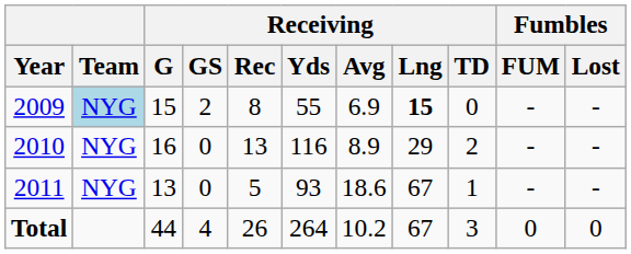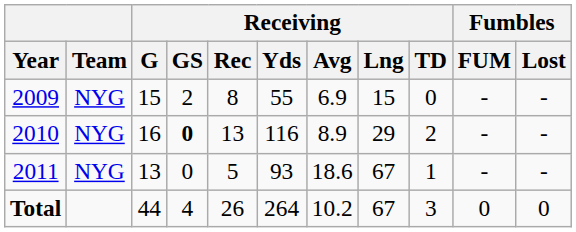 <table class="wikitable">
 <tr>
 <th colspan="2"></th>
 <th colspan="7">Receiving</th>
 <th colspan="2">Fumbles</th>
 </tr>
 <tr>
 <th>Year</th>
 <th>Team</th>
 <th>G</th>
 <th>GS</th>
 <th>Rec</th>
 <th>Yds</th>
 <th>Avg</th>
 <th>Lng</th>
 <th>TD</th>
 <th>FUM</th>
 <th>Lost</th>
 </tr>
 <tr style="text-align:center;">
 <td><a href='#'>2009</a></td>
-<td style="background: lightblue;"><a href='#'>NYG</a></td>
+<td><a href='#'>NYG</a></td>
 <td>15</td>
 <td>2</td>
 <td>8</td>
 <td>55</td>
 <td>6.9</td>
-<td><strong>15</strong></td>
+<td>15</td>
 <td>0</td>
 <td>-</td>
 <td>-</td>
 </tr>
 <tr style="text-align:center;">
 <td><a href='#'>2010</a></td>
 <td><a href='#'>NYG</a></td>
 <td>16</td>
-<td>0</td>
+<td><strong>0</strong></td>
 <td>13</td>
 <td>116</td>
 <td>8.9</td>
 <td>29</td>
 <td>2</td>
 <td>-</td>
 <td>-</td>
 </tr>
 <tr style="text-align:center;">
 <td><a href='#'>2011</a></td>
 <td><a href='#'>NYG</a></td>
 <td>13</td>
 <td>0</td>
 <td>5</td>
 <td>93</td>
 <td>18.6</td>
 <td>67</td>
 <td>1</td>
 <td>-</td>
 <td>-</td>
 </tr>
 <tr style="text-align:center;">
 <td><strong>Total</strong></td>
 <td></td>
 <td>44</td>
 <td>4</td>
 <td>26</td>
 <td>264</td>
 <td>10.2</td>
 <td>67</td>
 <td>3</td>
 <td>0</td>
 <td>0</td>
 </tr>
 </table>
